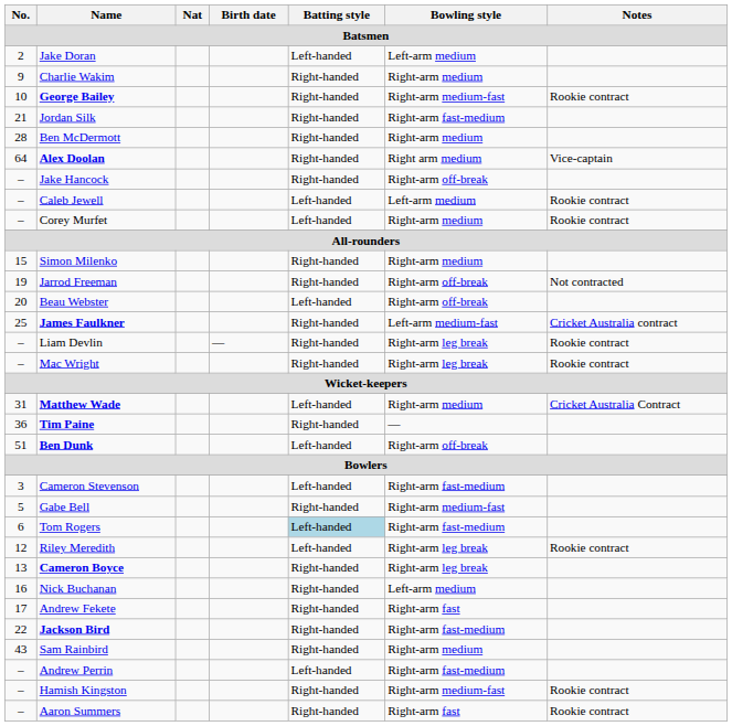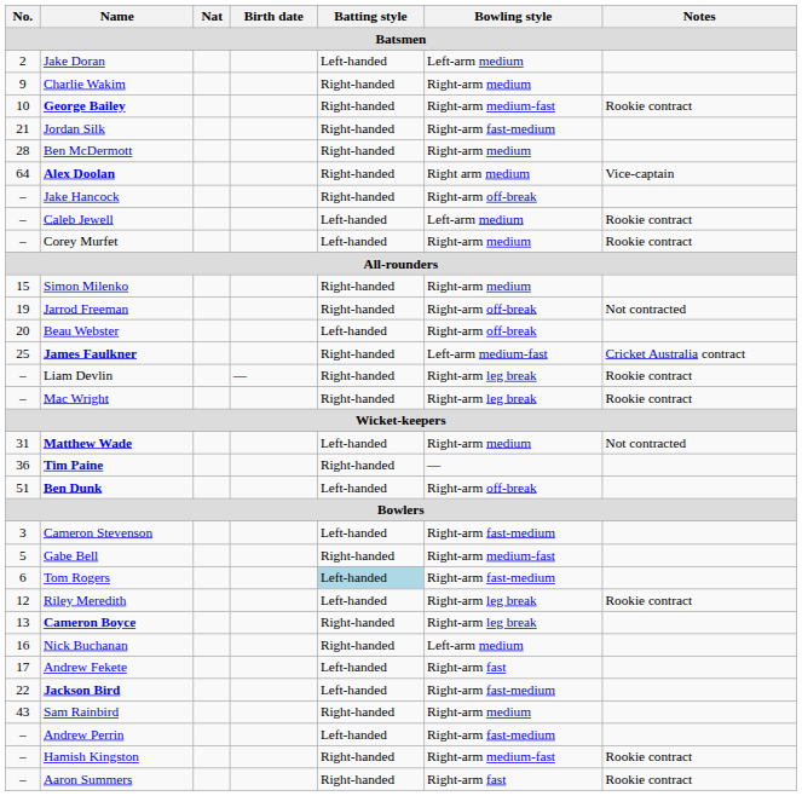 <table class="wikitable" style="font-size:95%; width:70%">
 <tr>
 <th style="background: #">No.</th>
 <th style="background: #">Name</th>
 <th style="background: #">Nat</th>
 <th style="background: #">Birth date</th>
 <th style="background: #">Batting style</th>
 <th style="background: #">Bowling style</th>
 <th style="background: #">Notes</th>
 </tr>
 <tr>
 <th colspan="7" style="background: #DCDCDC" align=right>Batsmen</th>
 </tr>
 <tr>
 <td style="text-align:center">2</td>
 <td><a href='#'>Jake Doran</a></td>
 <td style="text-align:center"></td>
 <td></td>
 <td>Left-handed</td>
 <td>Left-arm <a href='#'>medium</a></td>
 <td></td>
 </tr>
 <tr>
 <td style="text-align:center">9</td>
 <td><a href='#'>Charlie Wakim</a></td>
 <td style="text-align:center"></td>
 <td></td>
 <td>Right-handed</td>
 <td>Right-arm <a href='#'>medium</a></td>
 <td></td>
 </tr>
 <tr>
 <td style="text-align:center">10</td>
 <td><strong><a href='#'>George Bailey</a></strong></td>
 <td style="text-align:center"></td>
 <td></td>
 <td>Right-handed</td>
 <td>Right-arm <a href='#'>medium-fast</a></td>
 <td>Rookie contract</td>
 </tr>
 <tr>
 <td style="text-align:center">21</td>
 <td><a href='#'>Jordan Silk</a></td>
 <td style="text-align:center"></td>
 <td></td>
 <td>Right-handed</td>
 <td>Right-arm <a href='#'>fast-medium</a></td>
 <td></td>
 </tr>
 <tr>
 <td style="text-align:center">28</td>
 <td><a href='#'>Ben McDermott</a></td>
 <td style="text-align:center"></td>
 <td></td>
 <td>Right-handed</td>
 <td>Right-arm <a href='#'>medium</a></td>
 <td></td>
 </tr>
 <tr>
 <td style="text-align:center">64</td>
 <td><strong><a href='#'>Alex Doolan</a></strong></td>
 <td style="text-align:center"></td>
 <td></td>
 <td>Right-handed</td>
 <td>Right arm <a href='#'>medium</a></td>
 <td>Vice-captain</td>
 </tr>
 <tr>
 <td style="text-align:center">–</td>
 <td><a href='#'>Jake Hancock</a></td>
 <td style="text-align:center"></td>
 <td></td>
 <td>Right-handed</td>
 <td>Right-arm <a href='#'>off-break</a></td>
 <td></td>
 </tr>
 <tr>
 <td style="text-align:center">–</td>
 <td><a href='#'>Caleb Jewell</a></td>
 <td style="text-align:center"></td>
 <td></td>
 <td>Left-handed</td>
 <td>Left-arm <a href='#'>medium</a></td>
 <td>Rookie contract</td>
 </tr>
 <tr>
 <td style="text-align:center">–</td>
 <td>Corey Murfet</td>
 <td style="text-align:center"></td>
 <td></td>
 <td>Left-handed</td>
 <td>Right-arm <a href='#'>medium</a></td>
 <td>Rookie contract</td>
 </tr>
 <tr>
 <th colspan="7" style="background: #DCDCDC" align=right>All-rounders</th>
 </tr>
 <tr>
 <td style="text-align:center">15</td>
 <td><a href='#'>Simon Milenko</a></td>
 <td style="text-align:center"></td>
 <td></td>
 <td>Right-handed</td>
 <td>Right-arm <a href='#'>medium</a></td>
 <td></td>
 </tr>
 <tr>
 <td style="text-align:center">19</td>
 <td><a href='#'>Jarrod Freeman</a></td>
 <td style="text-align:center"></td>
 <td></td>
 <td>Right-handed</td>
 <td>Right-arm <a href='#'>off-break</a></td>
 <td>Not contracted</td>
 </tr>
 <tr>
 <td style="text-align:center">20</td>
 <td><a href='#'>Beau Webster</a></td>
 <td style="text-align:center"></td>
 <td></td>
 <td>Left-handed</td>
 <td>Right-arm <a href='#'>off-break</a></td>
 <td></td>
 </tr>
 <tr>
 <td style="text-align:center">25</td>
 <td><strong><a href='#'>James Faulkner</a></strong></td>
 <td style="text-align:center"></td>
 <td></td>
 <td>Right-handed</td>
 <td>Left-arm <a href='#'>medium-fast</a></td>
 <td><a href='#'>Cricket Australia</a> contract</td>
 </tr>
 <tr>
 <td style="text-align:center">–</td>
 <td>Liam Devlin</td>
 <td style="text-align:center"></td>
 <td>—</td>
 <td>Right-handed</td>
 <td>Right-arm <a href='#'>leg break</a></td>
 <td>Rookie contract</td>
 </tr>
 <tr>
 <td style="text-align:center">–</td>
 <td><a href='#'>Mac Wright</a></td>
 <td style="text-align:center"></td>
 <td></td>
 <td>Right-handed</td>
 <td>Right-arm <a href='#'>leg break</a></td>
 <td>Rookie contract</td>
 </tr>
 <tr>
 <th colspan="7" style="background: #DCDCDC" align=right>Wicket-keepers</th>
 </tr>
 <tr>
 <td style="text-align:center">31</td>
 <td><strong><a href='#'>Matthew Wade</a></strong></td>
 <td style="text-align:center"></td>
 <td></td>
 <td>Left-handed</td>
 <td>Right-arm <a href='#'>medium</a></td>
-<td><a href='#'>Cricket Australia</a> Contract</td>
+<td>Not contracted</td>
 </tr>
 <tr>
 <td style="text-align:center">36</td>
 <td><strong><a href='#'>Tim Paine</a></strong></td>
 <td style="text-align:center"></td>
 <td></td>
 <td>Right-handed</td>
 <td>—</td>
 <td></td>
 </tr>
 <tr>
 <td style="text-align:center">51</td>
 <td><strong><a href='#'>Ben Dunk</a></strong></td>
 <td style="text-align:center"></td>
 <td></td>
 <td>Left-handed</td>
 <td>Right-arm <a href='#'>off-break</a></td>
 <td></td>
 </tr>
 <tr>
 <th colspan="7" style="background: #DCDCDC" align=right>Bowlers</th>
 </tr>
 <tr>
 <td style="text-align:center">3</td>
 <td><a href='#'>Cameron Stevenson</a></td>
 <td style="text-align:center"></td>
 <td></td>
 <td>Left-handed</td>
 <td>Right-arm <a href='#'>fast-medium</a></td>
 <td></td>
 </tr>
 <tr>
 <td style="text-align:center">5</td>
 <td><a href='#'>Gabe Bell</a></td>
 <td style="text-align:center"></td>
 <td></td>
 <td>Right-handed</td>
 <td>Right-arm <a href='#'>medium-fast</a></td>
 <td></td>
 </tr>
 <tr>
 <td style="text-align:center">6</td>
 <td><a href='#'>Tom Rogers</a></td>
 <td style="text-align:center"></td>
 <td></td>
 <td style="background: lightblue;">Left-handed</td>
 <td>Right-arm <a href='#'>fast-medium</a></td>
 <td></td>
 </tr>
 <tr>
 <td style="text-align:center">12</td>
 <td><a href='#'>Riley Meredith</a></td>
 <td style="text-align:center"></td>
 <td></td>
 <td>Left-handed</td>
 <td>Right-arm <a href='#'>leg break</a></td>
 <td>Rookie contract</td>
 </tr>
 <tr>
 <td style="text-align:center">13</td>
 <td><strong><a href='#'>Cameron Boyce</a></strong></td>
 <td style="text-align:center"></td>
 <td></td>
 <td>Right-handed</td>
 <td>Right-arm <a href='#'>leg break</a></td>
 <td></td>
 </tr>
 <tr>
 <td style="text-align:center">16</td>
 <td><a href='#'>Nick Buchanan</a></td>
 <td style="text-align:center"></td>
 <td></td>
 <td>Right-handed</td>
 <td>Left-arm <a href='#'>medium</a></td>
 <td></td>
 </tr>
 <tr>
 <td style="text-align:center">17</td>
 <td><a href='#'>Andrew Fekete</a></td>
 <td style="text-align:center"></td>
 <td></td>
-<td>Right-handed</td>
+<td>Left-handed</td>
 <td>Right-arm <a href='#'>fast</a></td>
 <td></td>
 </tr>
 <tr>
 <td style="text-align:center">22</td>
 <td><strong><a href='#'>Jackson Bird</a></strong></td>
 <td style="text-align:center"></td>
 <td></td>
-<td>Right-handed</td>
+<td>Left-handed</td>
 <td>Right-arm <a href='#'>fast-medium</a></td>
 <td></td>
 </tr>
 <tr>
 <td style="text-align:center">43</td>
 <td><a href='#'>Sam Rainbird</a></td>
 <td style="text-align:center"></td>
 <td></td>
 <td>Right-handed</td>
 <td>Right-arm <a href='#'>medium</a></td>
 <td></td>
 </tr>
 <tr>
 <td style="text-align:center">–</td>
 <td><a href='#'>Andrew Perrin</a></td>
 <td style="text-align:center"></td>
 <td></td>
 <td>Left-handed</td>
 <td>Right-arm <a href='#'>fast-medium</a></td>
 <td></td>
 </tr>
 <tr>
 <td style="text-align:center">–</td>
 <td><a href='#'>Hamish Kingston</a></td>
 <td style="text-align:center"></td>
 <td></td>
 <td>Right-handed</td>
 <td>Right-arm <a href='#'>medium-fast</a></td>
 <td>Rookie contract</td>
 </tr>
 <tr>
 <td style="text-align:center">–</td>
 <td><a href='#'>Aaron Summers</a></td>
 <td style="text-align:center"></td>
 <td></td>
 <td>Right-handed</td>
 <td>Right-arm <a href='#'>fast</a></td>
 <td>Rookie contract</td>
 </tr>
 </table>
